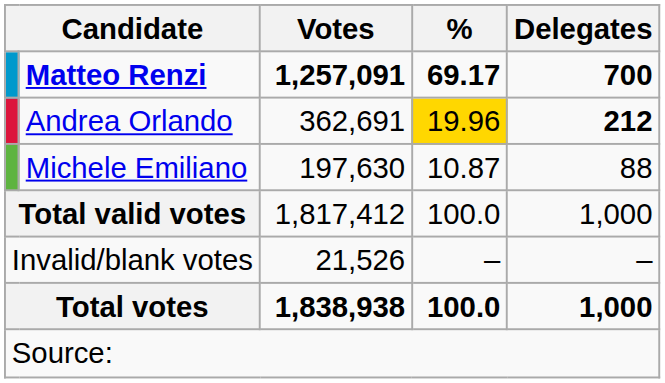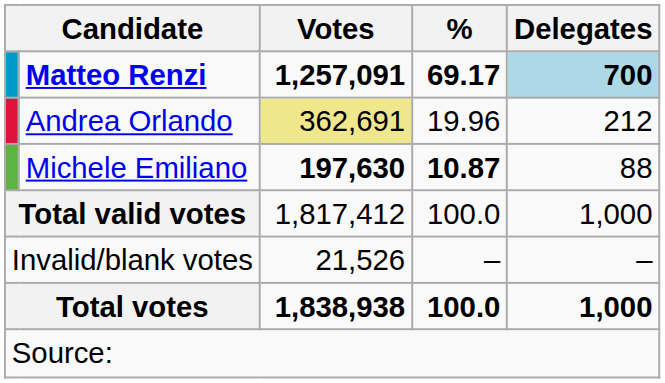 <table class="wikitable" style="font-size:95%">
 <tr bgcolor="#E9E9E9">
 <th rowspan="1" colspan="2">Candidate</th>
 <th rowspan="1" colspan="1">Votes</th>
 <th rowspan="1" colspan="1">%</th>
 <th rowspan="1" colspan="1">Delegates</th>
 </tr>
 <tr>
 <td bgcolor="#0099CC"></td>
 <td align="left"><strong><a href='#'>Matteo Renzi</a></strong></td>
 <td align="right"> <strong>1,257,091</strong></td>
 <td align="right"> <strong>69.17</strong></td>
-<td align="right"> <strong>700</strong></td>
+<td align="right" style="background: lightblue;"> <strong>700</strong></td>
 </tr>
 <tr>
 <td bgcolor="#DC143C"></td>
 <td align="left"><a href='#'>Andrea Orlando</a></td>
-<td align="right"> 362,691</td>
-<td align="right" style="background: gold;"> 19.96</td>
-<td align="right"><strong> 212</strong></td>
+<td align="right" style="background: khaki;"> 362,691</td>
+<td align="right"> 19.96</td>
+<td align="right"> 212</td>
 </tr>
 <tr>
 <td bgcolor="#5EB440"></td>
 <td align="left"><a href='#'>Michele Emiliano</a></td>
-<td align="right"> 197,630</td>
-<td align="right"> 10.87</td>
+<td align="right"><strong> 197,630</strong></td>
+<td align="right"><strong> 10.87</strong></td>
 <td align="right"> 88</td>
 </tr>
 <tr>
 <th colspan="2" align="left"><strong>Total valid votes</strong></th>
 <td align="right"> 1,817,412</td>
 <td align="right">100.0</td>
 <td align="right">1,000</td>
 </tr>
 <tr>
 <td colspan="2" align=left>Invalid/blank votes</td>
 <td align="right">21,526</td>
 <td align="right">–</td>
 <td align="right">–</td>
 </tr>
 <tr>
 <th colspan="2" align="left">Total votes</th>
 <td align="right"> <strong>1,838,938</strong></td>
 <td align="right"><strong>100.0</strong></td>
 <td align="right"><strong>1,000</strong></td>
 </tr>
 <tr>
 <td colspan="5">Source: </td>
 </tr>
 </table>
